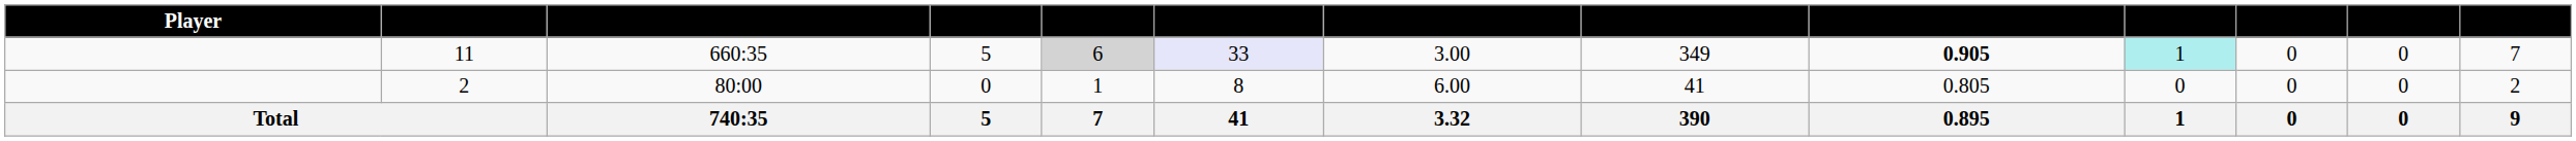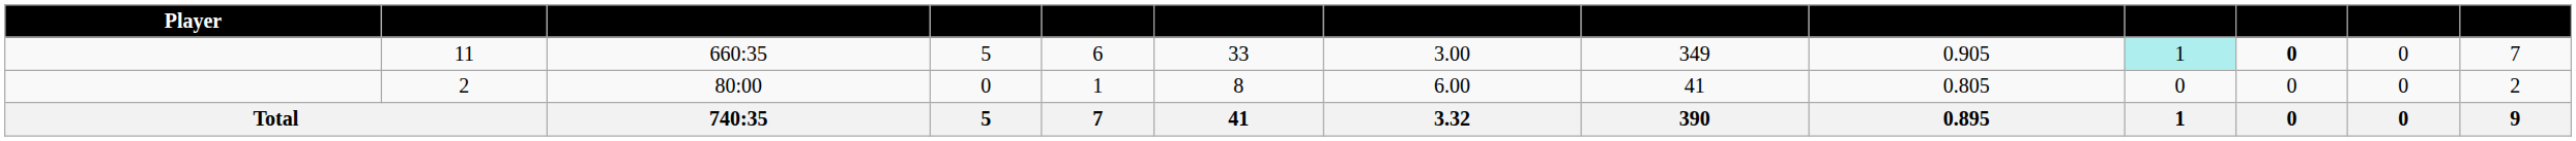 <table class="wikitable sortable" style="width:100%; text-align:center;">
 <tr>
 <th style="color:white; background:#000000; ">Player</th>
 <th style="color:white; background:#000000; "></th>
 <th style="color:white; background:#000000; "></th>
 <th style="color:white; background:#000000; "></th>
 <th style="color:white; background:#000000; "></th>
 <th style="color:white; background:#000000; "></th>
 <th style="color:white; background:#000000; "></th>
 <th style="color:white; background:#000000; "></th>
 <th style="color:white; background:#000000; "></th>
 <th style="color:white; background:#000000; "></th>
 <th style="color:white; background:#000000; "></th>
 <th style="color:white; background:#000000; "></th>
 <th style="color:white; background:#000000; "></th>
 </tr>
 <tr>
 <td></td>
 <td>11</td>
 <td>660:35</td>
 <td>5</td>
-<td style="background: lightgrey;">6</td>
-<td style="background: lavender;">33</td>
+<td>6</td>
+<td>33</td>
 <td>3.00</td>
 <td>349</td>
-<td><strong>0.905</strong></td>
+<td>0.905</td>
 <td style="background: paleturquoise;">1</td>
-<td>0</td>
+<td><strong>0</strong></td>
 <td>0</td>
 <td>7</td>
 </tr>
 <tr>
 <td></td>
 <td>2</td>
 <td>80:00</td>
 <td>0</td>
 <td>1</td>
 <td>8</td>
 <td>6.00</td>
 <td>41</td>
 <td>0.805</td>
 <td>0</td>
 <td>0</td>
 <td>0</td>
 <td>2</td>
 </tr>
 <tr class="sortbotom">
 <th colspan=2>Total</th>
 <th>740:35</th>
 <th>5</th>
 <th>7</th>
 <th>41</th>
 <th>3.32</th>
 <th>390</th>
 <th>0.895</th>
 <th>1</th>
 <th>0</th>
 <th>0</th>
 <th>9</th>
 </tr>
 </table>
